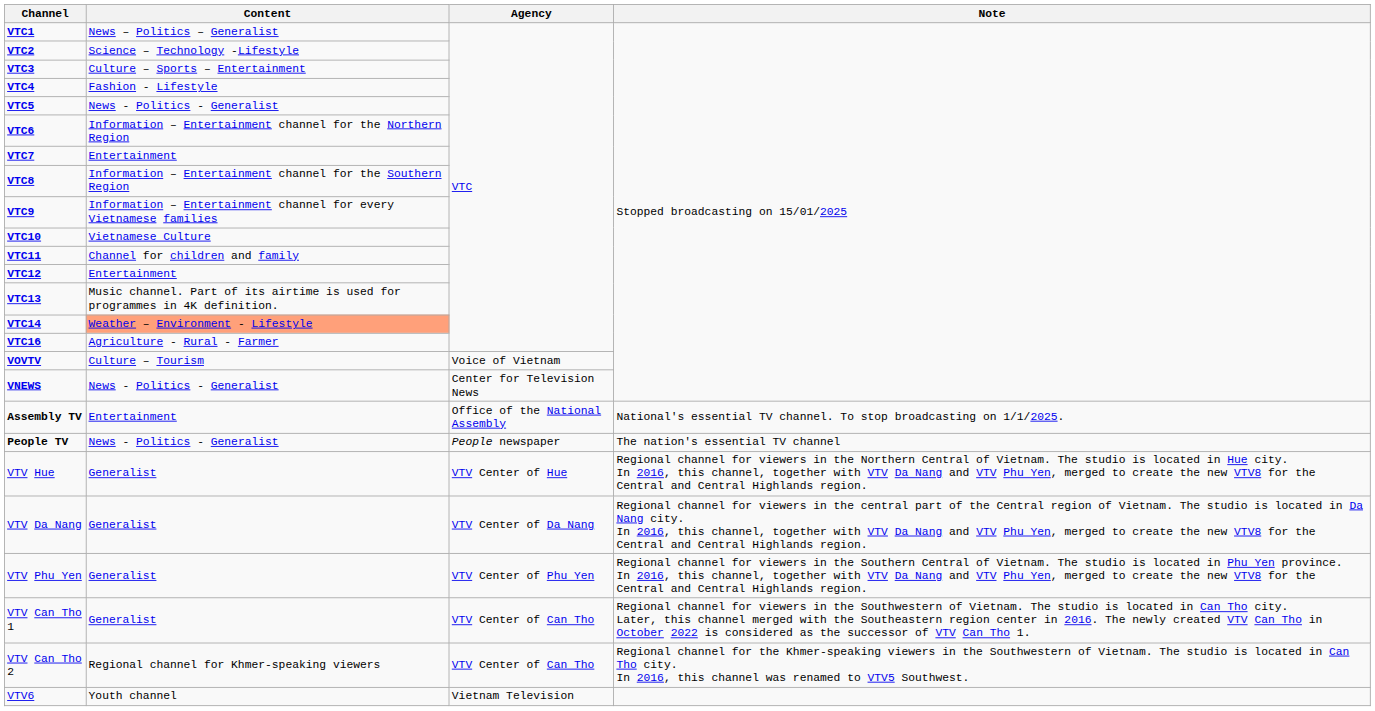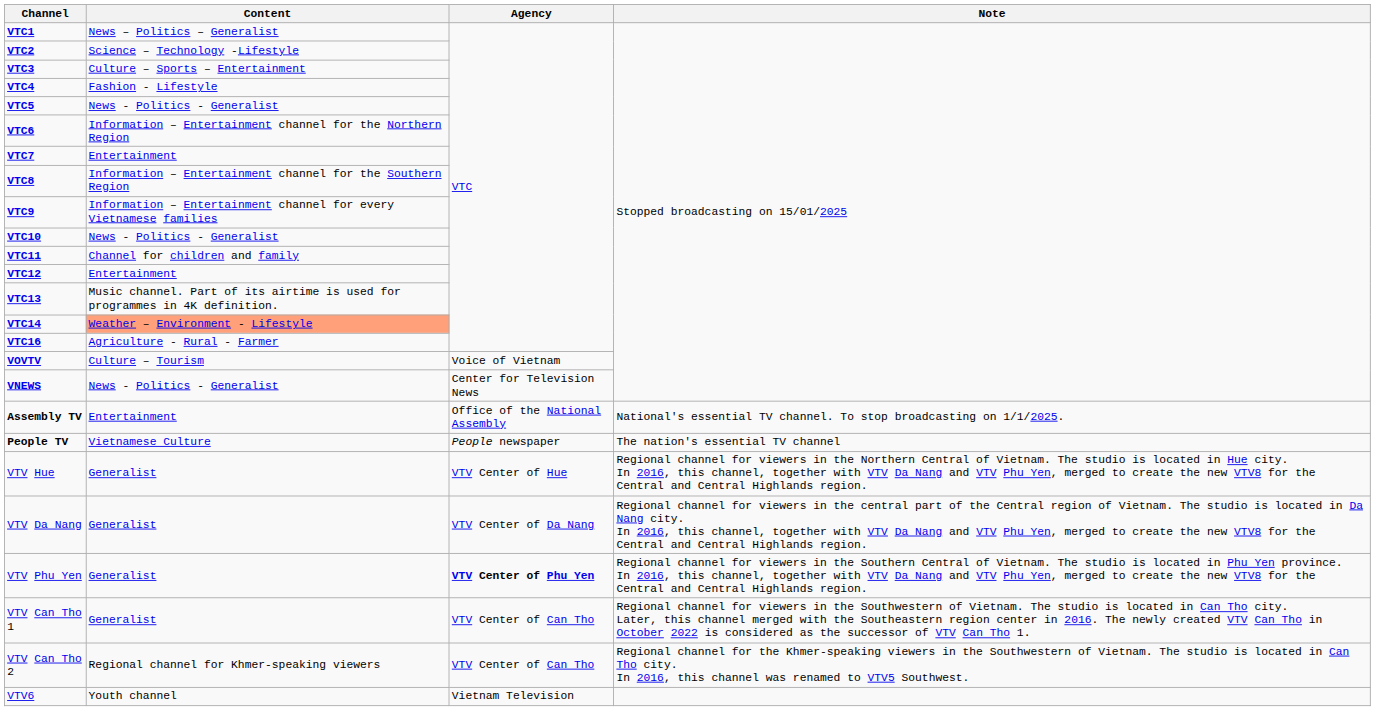 <table class="wikitable">
 <tr>
 <th>Channel</th>
 <th>Content</th>
 <th>Agency</th>
 <th>Note</th>
 </tr>
 <tr>
 <td><strong><a href='#'>VTC1</a></strong></td>
 <td><a href='#'>News</a> – <a href='#'>Politics</a> – <a href='#'>Generalist</a></td>
 <td rowspan="15"><a href='#'>VTC</a></td>
 <td rowspan="17">Stopped broadcasting on 15/01/<a href='#'>2025</a></td>
 </tr>
 <tr>
 <td><strong><a href='#'>VTC2</a></strong></td>
 <td><a href='#'>Science</a> – <a href='#'>Technology</a> -<a href='#'>Lifestyle</a></td>
 </tr>
 <tr>
 <td><strong><a href='#'>VTC3</a></strong></td>
 <td><a href='#'>Culture</a> – <a href='#'>Sports</a> – <a href='#'>Entertainment</a></td>
 </tr>
 <tr>
 <td><strong><a href='#'>VTC4</a></strong></td>
 <td><a href='#'>Fashion</a> - <a href='#'>Lifestyle</a></td>
 </tr>
 <tr>
 <td><strong><a href='#'>VTC5</a></strong></td>
 <td><a href='#'>News</a> - <a href='#'>Politics</a> - <a href='#'>Generalist</a></td>
 </tr>
 <tr>
 <td><strong><a href='#'>VTC6</a></strong></td>
 <td><a href='#'>Information</a> – <a href='#'>Entertainment</a> channel for the <a href='#'>Northern Region</a></td>
 </tr>
 <tr>
 <td><strong><a href='#'>VTC7</a></strong></td>
 <td><a href='#'>Entertainment</a></td>
 </tr>
 <tr>
 <td><strong><a href='#'>VTC8</a></strong></td>
 <td><a href='#'>Information</a> – <a href='#'>Entertainment</a> channel for the <a href='#'>Southern Region</a></td>
 </tr>
 <tr>
 <td><strong><a href='#'>VTC9</a></strong></td>
 <td><a href='#'>Information</a> – <a href='#'>Entertainment</a> channel for every <a href='#'>Vietnamese</a> <a href='#'>families</a></td>
 </tr>
 <tr>
 <td><strong><a href='#'>VTC10</a></strong></td>
-<td><a href='#'>Vietnamese Culture</a></td>
+<td><a href='#'>News</a> - <a href='#'>Politics</a> - <a href='#'>Generalist</a></td>
 </tr>
 <tr>
 <td><strong><a href='#'>VTC11</a></strong></td>
 <td><a href='#'>Channel</a> for <a href='#'>children</a> and <a href='#'>family</a></td>
 </tr>
 <tr>
 <td><strong><a href='#'>VTC12</a></strong></td>
 <td><a href='#'>Entertainment</a></td>
 </tr>
 <tr>
 <td><strong><a href='#'>VTC13</a></strong></td>
 <td>Music channel. Part of its airtime is used for programmes in 4K definition.</td>
 </tr>
 <tr>
 <td><strong><a href='#'>VTC14</a></strong></td>
 <td style="background: lightsalmon;"><a href='#'>Weather</a> – <a href='#'>Environment</a> - <a href='#'>Lifestyle</a></td>
 </tr>
 <tr>
 <td><strong><a href='#'>VTC16</a></strong></td>
 <td><a href='#'>Agriculture</a> - <a href='#'>Rural</a> - <a href='#'>Farmer</a></td>
 </tr>
 <tr>
 <td><strong><a href='#'>VOVTV</a></strong></td>
 <td><a href='#'>Culture</a> – <a href='#'>Tourism</a></td>
 <td>Voice of Vietnam</td>
 </tr>
 <tr>
 <td><strong><a href='#'>VNEWS</a></strong></td>
 <td><a href='#'>News</a> - <a href='#'>Politics</a> - <a href='#'>Generalist</a></td>
 <td>Center for Television News</td>
 </tr>
 <tr>
 <td><strong>Assembly TV</strong></td>
 <td><a href='#'>Entertainment</a></td>
 <td>Office of the <a href='#'>National Assembly</a></td>
 <td>National's essential TV channel. To stop broadcasting on 1/1/<a href='#'>2025</a>.</td>
 </tr>
 <tr>
 <td><strong>People TV</strong></td>
-<td><a href='#'>News</a> - <a href='#'>Politics</a> - <a href='#'>Generalist</a></td>
+<td><a href='#'>Vietnamese Culture</a></td>
 <td><em>People</em> newspaper</td>
 <td>The nation's essential TV channel</td>
 </tr>
 <tr>
 <td><a href='#'>VTV</a> <a href='#'>Hue</a></td>
 <td><a href='#'>Generalist</a></td>
 <td><a href='#'>VTV</a> Center of <a href='#'>Hue</a></td>
 <td>Regional channel for viewers in the Northern Central of Vietnam. The studio is located in <a href='#'>Hue</a> city.<br>In <a href='#'>2016</a>, this channel, together with <a href='#'>VTV</a> <a href='#'>Da Nang</a> and <a href='#'>VTV</a> <a href='#'>Phu Yen</a>, merged to create the new <a href='#'>VTV8</a> for the Central and Central Highlands region.</td>
 </tr>
 <tr>
 <td><a href='#'>VTV</a> <a href='#'>Da Nang</a></td>
 <td><a href='#'>Generalist</a></td>
 <td><a href='#'>VTV</a> Center of <a href='#'>Da Nang</a></td>
 <td>Regional channel for viewers in the central part of the Central region of Vietnam. The studio is located in <a href='#'>Da Nang</a> city.<br>In <a href='#'>2016</a>, this channel, together with <a href='#'>VTV</a> <a href='#'>Da Nang</a> and <a href='#'>VTV</a> <a href='#'>Phu Yen</a>, merged to create the new <a href='#'>VTV8</a> for the Central and Central Highlands  region.</td>
 </tr>
 <tr>
 <td><a href='#'>VTV</a> <a href='#'>Phu Yen</a></td>
 <td><a href='#'>Generalist</a></td>
-<td><a href='#'>VTV</a> Center of <a href='#'>Phu Yen</a></td>
+<td><strong><a href='#'>VTV</a> Center of <a href='#'>Phu Yen</a></strong></td>
 <td>Regional channel for viewers in the Southern Central of Vietnam. The studio is located in <a href='#'>Phu Yen</a> province.<br>In <a href='#'>2016</a>, this channel, together with <a href='#'>VTV</a> <a href='#'>Da Nang</a> and <a href='#'>VTV</a> <a href='#'>Phu Yen</a>, merged to create the new <a href='#'>VTV8</a> for the Central and Central Highlands region.</td>
 </tr>
 <tr>
 <td><a href='#'>VTV</a> <a href='#'>Can Tho</a> 1</td>
 <td><a href='#'>Generalist</a></td>
 <td><a href='#'>VTV</a> Center of <a href='#'>Can Tho</a></td>
 <td>Regional channel for viewers in the Southwestern of Vietnam. The studio is located in <a href='#'>Can Tho</a> city.<br>Later, this channel merged with the Southeastern region center in <a href='#'>2016</a>.  The newly created <a href='#'>VTV</a> <a href='#'>Can Tho</a> in <a href='#'>October</a> <a href='#'>2022</a> is considered as the successor of <a href='#'>VTV</a> <a href='#'>Can Tho</a> 1.</td>
 </tr>
 <tr>
 <td><a href='#'>VTV</a> <a href='#'>Can Tho</a> 2</td>
 <td>Regional channel for Khmer-speaking viewers</td>
 <td><a href='#'>VTV</a> Center of <a href='#'>Can Tho</a></td>
 <td>Regional channel for the Khmer-speaking viewers in the Southwestern of Vietnam. The studio is located in <a href='#'>Can Tho</a> city.<br>In <a href='#'>2016</a>, this channel was renamed to <a href='#'>VTV5</a> Southwest.</td>
 </tr>
 <tr>
 <td><a href='#'>VTV6</a></td>
 <td>Youth channel</td>
 <td>Vietnam Television</td>
 <td></td>
 </tr>
 </table>
